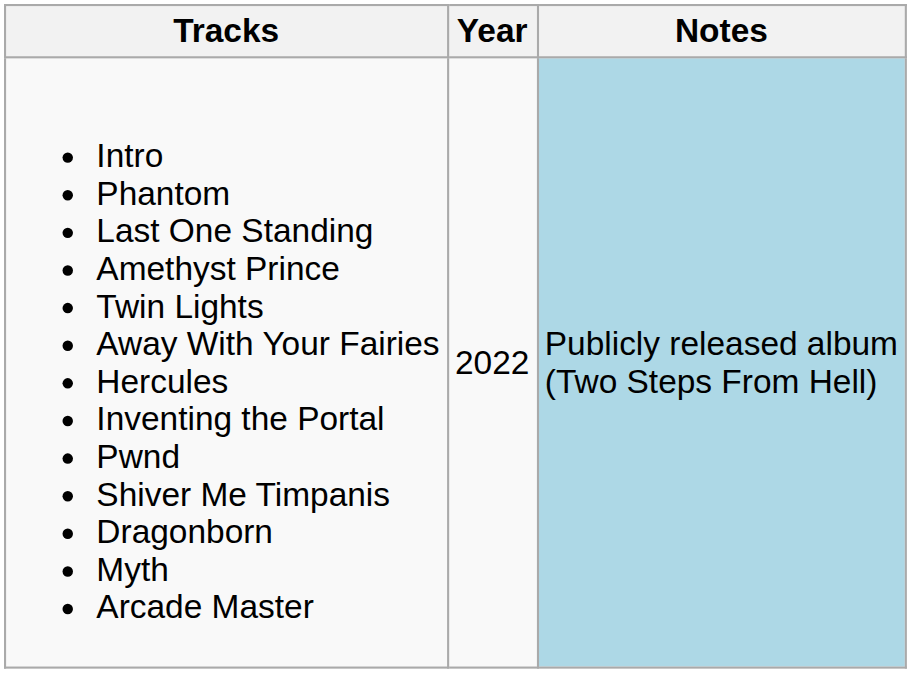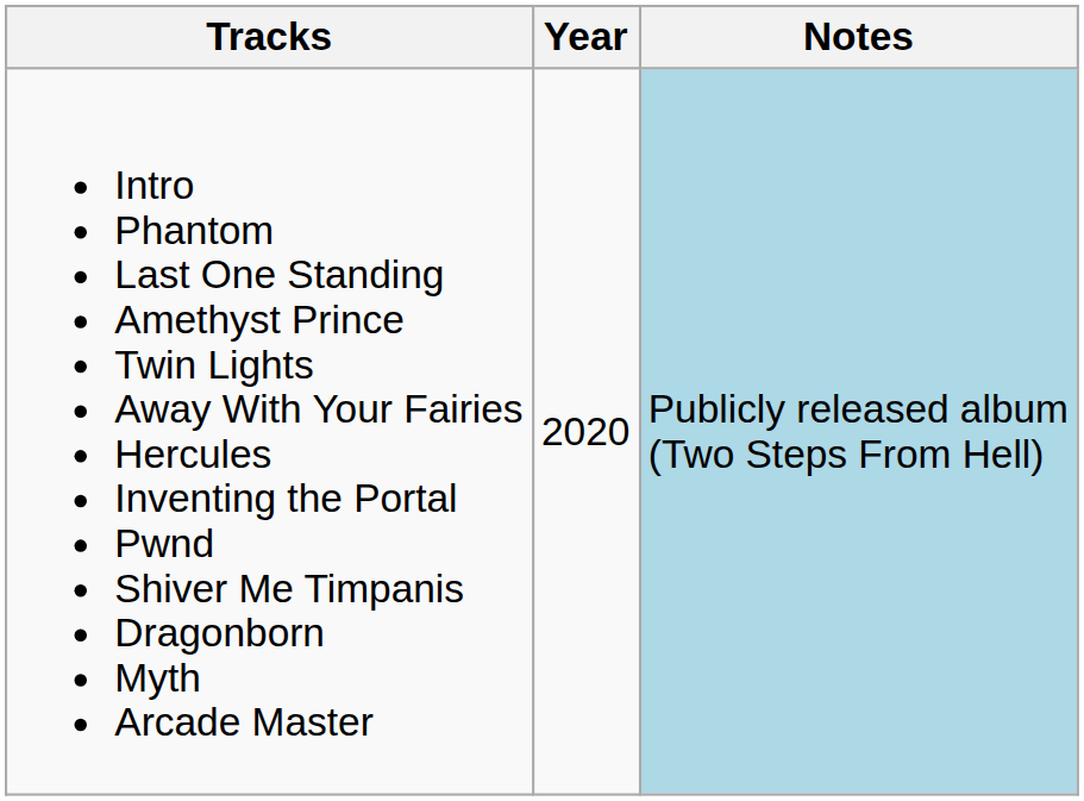 <table class="wikitable">
 <tr>
 <th>Tracks</th>
 <th>Year</th>
 <th>Notes</th>
 </tr>
 <tr>
 <td><br><ul><li>Intro</li><li>Phantom</li><li>Last One Standing</li><li>Amethyst Prince</li><li>Twin Lights</li><li>Away With Your Fairies</li><li>Hercules</li><li>Inventing the Portal</li><li>Pwnd</li><li>Shiver Me Timpanis</li><li>Dragonborn</li><li>Myth</li><li>Arcade Master</li></ul></td>
-<td>2022</td>
+<td>2020</td>
 <td style="background: lightblue;">Publicly released album<br>(Two Steps From Hell)</td>
 </tr>
 </table>
